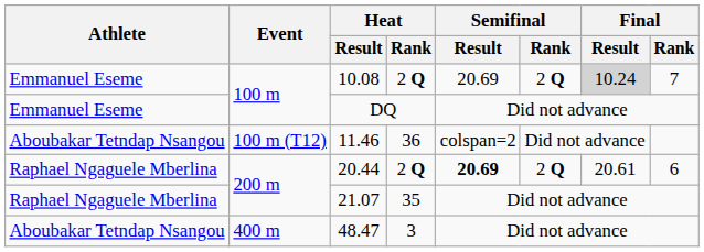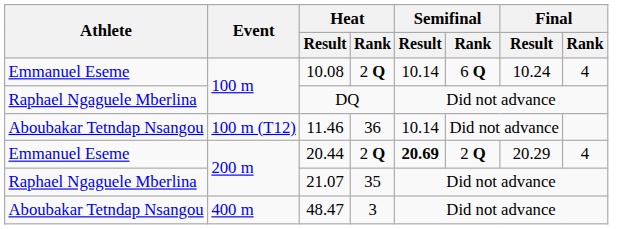 <table class="wikitable" style="font-size:90%; text-align:center">
 <tr>
 <th rowspan=2>Athlete</th>
 <th rowspan=2>Event</th>
 <th colspan=2>Heat</th>
 <th colspan=2>Semifinal</th>
 <th colspan=2>Final</th>
 </tr>
 <tr style="font-size:95%">
 <th>Result</th>
 <th>Rank</th>
 <th>Result</th>
 <th>Rank</th>
 <th>Result</th>
 <th>Rank</th>
 </tr>
 <tr>
 <td align=left><a href='#'>Emmanuel Eseme</a></td>
 <td align=left rowspan=2><a href='#'>100 m</a></td>
 <td>10.08</td>
 <td>2 <strong>Q</strong></td>
-<td>20.69</td>
-<td>2 <strong>Q</strong></td>
-<td style="background: lightgrey;">10.24</td>
-<td>7</td>
+<td>10.14</td>
+<td>6 <strong>Q</strong></td>
+<td>10.24</td>
+<td>4</td>
 </tr>
 <tr>
-<td align=left><a href='#'>Emmanuel Eseme</a></td>
+<td align=left><a href='#'>Raphael Ngaguele Mberlina</a></td>
 <td colspan="2">DQ</td>
 <td colspan="4">Did not advance</td>
 </tr>
 <tr>
 <td align=left><a href='#'>Aboubakar Tetndap Nsangou</a></td>
 <td align=left><a href='#'>100 m (T12)</a></td>
 <td>11.46</td>
 <td>36</td>
-<td>colspan=2 </td>
+<td>10.14</td>
 <td colspan=2>Did not advance</td>
 </tr>
 <tr>
-<td align=left><a href='#'>Raphael Ngaguele Mberlina</a></td>
+<td align=left><a href='#'>Emmanuel Eseme</a></td>
 <td align=left rowspan=2><a href='#'>200 m</a></td>
 <td>20.44</td>
 <td>2 <strong>Q</strong></td>
 <td><strong>20.69</strong></td>
 <td>2 <strong>Q</strong></td>
-<td>20.61</td>
-<td>6</td>
+<td>20.29</td>
+<td>4</td>
 </tr>
 <tr>
 <td align=left><a href='#'>Raphael Ngaguele Mberlina</a></td>
 <td>21.07</td>
 <td>35</td>
 <td colspan=4>Did not advance</td>
 </tr>
 <tr>
 <td align=left><a href='#'>Aboubakar Tetndap Nsangou</a></td>
 <td align=left rowspan=1><a href='#'>400 m</a></td>
 <td>48.47</td>
 <td>3</td>
 <td colspan=4>Did not advance</td>
 </tr>
 </table>
